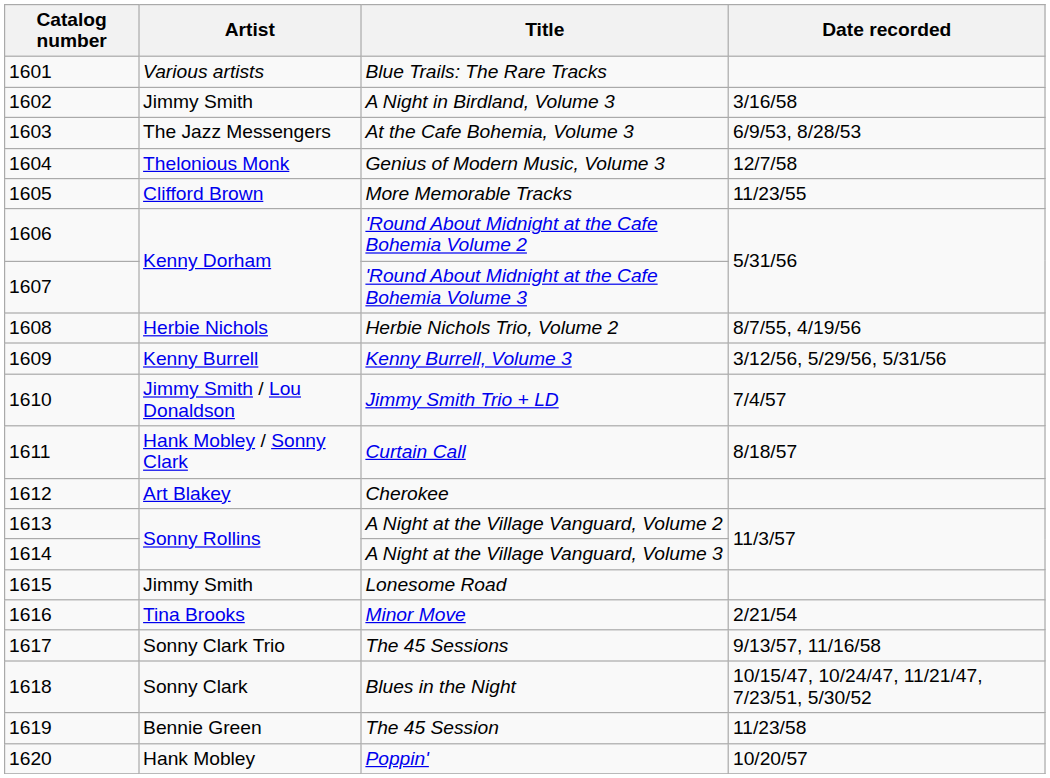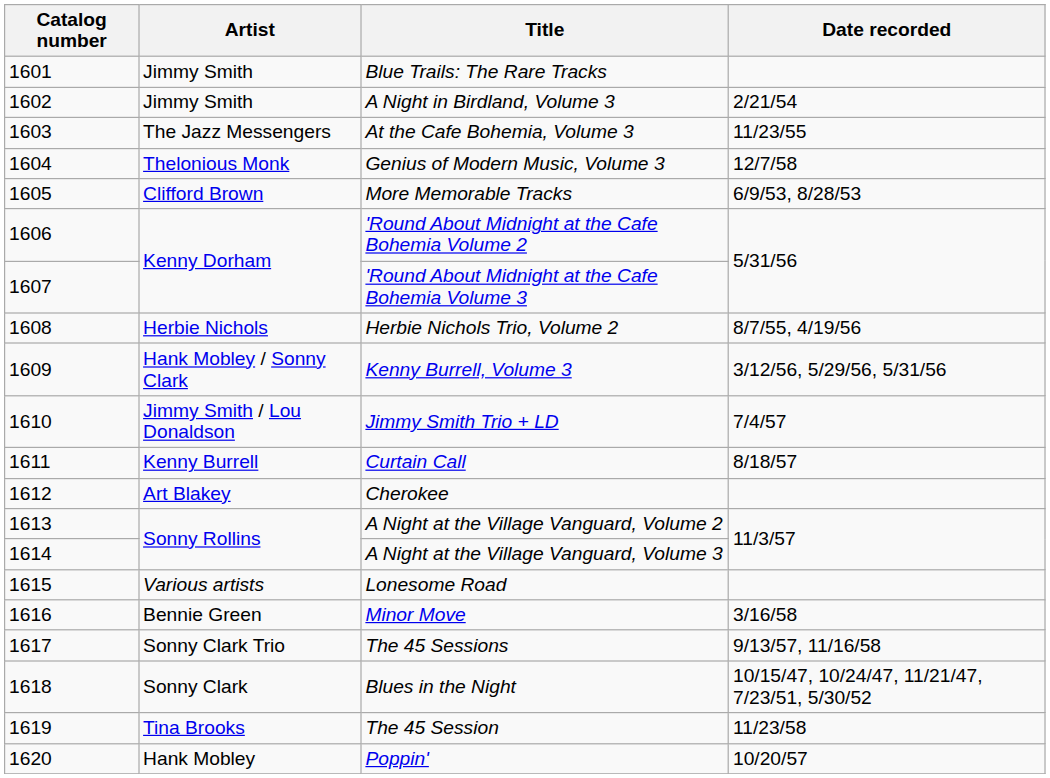 <table class="wikitable sortable" align="center" bgcolor="CCCCCC" |>
 <tr>
 <th>Catalog number</th>
 <th>Artist</th>
 <th>Title</th>
 <th>Date recorded</th>
 </tr>
 <tr>
 <td>1601</td>
-<td><em>Various artists</em></td>
+<td>Jimmy Smith</td>
 <td><em>Blue Trails: The Rare Tracks</em></td>
 </tr>
 <tr>
 <td>1602</td>
 <td>Jimmy Smith</td>
 <td><em>A Night in Birdland, Volume 3</em></td>
-<td>3/16/58</td>
+<td>2/21/54</td>
 </tr>
 <tr>
 <td>1603</td>
 <td>The Jazz Messengers</td>
 <td><em>At the Cafe Bohemia, Volume 3</em></td>
-<td>6/9/53, 8/28/53</td>
+<td>11/23/55</td>
 </tr>
 <tr>
 <td>1604</td>
 <td><a href='#'>Thelonious Monk</a></td>
 <td><em>Genius of Modern Music, Volume 3</em></td>
 <td>12/7/58</td>
 </tr>
 <tr>
 <td>1605</td>
 <td><a href='#'>Clifford Brown</a></td>
 <td><em>More Memorable Tracks</em></td>
-<td>11/23/55</td>
+<td>6/9/53, 8/28/53</td>
 </tr>
 <tr>
 <td>1606</td>
 <td rowspan="2"><a href='#'>Kenny Dorham</a></td>
 <td><em><a href='#'>'Round About Midnight at the Cafe Bohemia Volume 2</a></em></td>
 <td rowspan="2">5/31/56</td>
 </tr>
 <tr>
 <td>1607</td>
 <td><em><a href='#'>'Round About Midnight at the Cafe Bohemia Volume 3</a></em></td>
 </tr>
 <tr>
 <td>1608</td>
 <td><a href='#'>Herbie Nichols</a></td>
 <td><em>Herbie Nichols Trio, Volume 2</em></td>
 <td>8/7/55, 4/19/56</td>
 </tr>
 <tr>
 <td>1609</td>
-<td><a href='#'>Kenny Burrell</a></td>
+<td><a href='#'>Hank Mobley</a> / <a href='#'>Sonny Clark</a></td>
 <td><em><a href='#'>Kenny Burrell, Volume 3</a></em></td>
 <td>3/12/56, 5/29/56, 5/31/56</td>
 </tr>
 <tr>
 <td>1610</td>
 <td><a href='#'>Jimmy Smith</a> / <a href='#'>Lou Donaldson</a></td>
 <td><em><a href='#'>Jimmy Smith Trio + LD</a></em></td>
 <td>7/4/57</td>
 </tr>
 <tr>
 <td>1611</td>
-<td><a href='#'>Hank Mobley</a> / <a href='#'>Sonny Clark</a></td>
+<td><a href='#'>Kenny Burrell</a></td>
 <td><em><a href='#'>Curtain Call</a></em></td>
 <td>8/18/57</td>
 </tr>
 <tr>
 <td>1612</td>
 <td><a href='#'>Art Blakey</a></td>
 <td><em>Cherokee</em></td>
 </tr>
 <tr>
 <td>1613</td>
 <td rowspan="2"><a href='#'>Sonny Rollins</a></td>
 <td><em>A Night at the Village Vanguard, Volume 2</em></td>
 <td rowspan="2">11/3/57</td>
 </tr>
 <tr>
 <td>1614</td>
 <td><em>A Night at the Village Vanguard, Volume 3</em></td>
 </tr>
 <tr>
 <td>1615</td>
-<td>Jimmy Smith</td>
+<td><em>Various artists</em></td>
 <td><em>Lonesome Road</em></td>
 </tr>
 <tr>
 <td>1616</td>
-<td><a href='#'>Tina Brooks</a></td>
+<td>Bennie Green</td>
 <td><em><a href='#'>Minor Move</a></em></td>
-<td>2/21/54</td>
+<td>3/16/58</td>
 </tr>
 <tr>
 <td>1617</td>
 <td>Sonny Clark Trio</td>
 <td><em>The 45 Sessions</em></td>
 <td>9/13/57, 11/16/58</td>
 </tr>
 <tr>
 <td>1618</td>
 <td>Sonny Clark</td>
 <td><em>Blues in the Night</em></td>
 <td>10/15/47, 10/24/47, 11/21/47, 7/23/51, 5/30/52</td>
 </tr>
 <tr>
 <td>1619</td>
-<td>Bennie Green</td>
+<td><a href='#'>Tina Brooks</a></td>
 <td><em>The 45 Session</em></td>
 <td>11/23/58</td>
 </tr>
 <tr>
 <td>1620</td>
 <td>Hank Mobley</td>
 <td><em><a href='#'>Poppin'</a></em></td>
 <td>10/20/57</td>
 </tr>
 </table>
